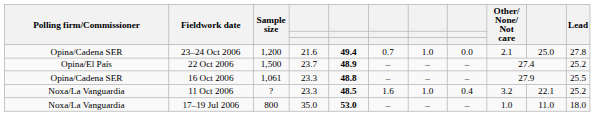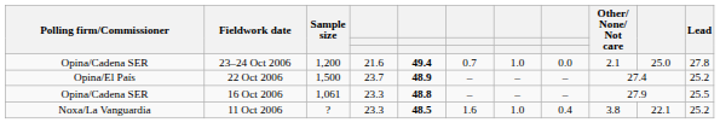 <table class="wikitable collapsible collapsed" style="text-align:center; font-size:90%; line-height:14px;">
 <tr style="height:42px;">
 <th style="width:250px;" rowspan="3">Polling firm/Commissioner</th>
 <th style="width:125px;" rowspan="3">Fieldwork date</th>
 <th style="width:50px;" rowspan="3">Sample size</th>
 <th style="width:55px;"></th>
 <th style="width:55px;"></th>
 <th style="width:55px;"></th>
 <th style="width:55px;"></th>
 <th style="width:55px;"></th>
 <th style="width:55px;" rowspan="3">Other/<br>None/<br>Not<br>care</th>
 <th style="width:55px;" rowspan="3"></th>
 <th style="width:30px;" rowspan="3">Lead</th>
 </tr>
 <tr>
 <th style="color:inherit;background:"></th>
 <th style="color:inherit;background:"></th>
 <th style="color:inherit;background:"></th>
 <th style="color:inherit;background:"></th>
 <th style="color:inherit;background:"></th>
 </tr>
 <tr>
 <th></th>
 <th></th>
 <th></th>
 <th></th>
 <th></th>
 </tr>
 <tr>
 <td>Opina/Cadena SER</td>
 <td>23–24 Oct 2006</td>
 <td>1,200</td>
 <td>21.6</td>
 <td><strong>49.4</strong></td>
 <td>0.7</td>
 <td>1.0</td>
 <td>0.0</td>
 <td>2.1</td>
 <td>25.0</td>
 <td style="background:">27.8</td>
 </tr>
 <tr>
 <td>Opina/El País</td>
 <td>22 Oct 2006</td>
 <td>1,500</td>
 <td>23.7</td>
 <td><strong>48.9</strong></td>
 <td>–</td>
 <td>–</td>
 <td>–</td>
 <td colspan="2">27.4</td>
 <td style="background:">25.2</td>
 </tr>
 <tr>
 <td>Opina/Cadena SER</td>
 <td>16 Oct 2006</td>
 <td>1,061</td>
 <td>23.3</td>
 <td><strong>48.8</strong></td>
 <td>–</td>
 <td>–</td>
 <td>–</td>
 <td colspan="2">27.9</td>
 <td style="background:">25.5</td>
 </tr>
 <tr>
 <td>Noxa/La Vanguardia</td>
 <td>11 Oct 2006</td>
 <td>?</td>
 <td>23.3</td>
 <td><strong>48.5</strong></td>
 <td>1.6</td>
 <td>1.0</td>
 <td>0.4</td>
-<td>3.2</td>
+<td>3.8</td>
 <td>22.1</td>
 <td style="background:">25.2</td>
 </tr>
-<tr>
-<td>Noxa/La Vanguardia</td>
-<td>17–19 Jul 2006</td>
-<td>800</td>
-<td>35.0</td>
-<td><strong>53.0</strong></td>
-<td>–</td>
-<td>–</td>
-<td>–</td>
-<td>1.0</td>
-<td>11.0</td>
-<td style="background:">18.0</td>
-</tr>
 </table>
